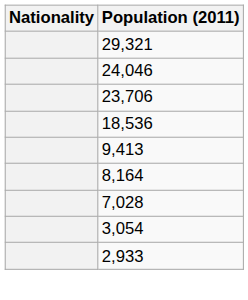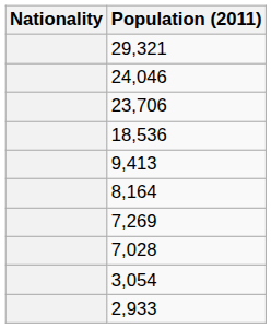 <table class="wikitable" style="float:right;">
 <tr>
 <th scope="column">Nationality</th>
 <th scope="column">Population (2011)</th>
 </tr>
 <tr>
 <th scope="row"></th>
 <td>29,321</td>
 </tr>
 <tr>
 <th scope="row"></th>
 <td>24,046</td>
 </tr>
 <tr>
 <th scope="row"></th>
 <td>23,706</td>
 </tr>
 <tr>
 <th scope="row"></th>
 <td>18,536</td>
 </tr>
 <tr>
 <th scope="row"></th>
 <td>9,413</td>
 </tr>
 <tr>
 <th scope="row"></th>
 <td>8,164</td>
 </tr>
 <tr>
 <th scope="row"></th>
+<td>7,269</td>
+</tr>
+<tr>
+<th scope="row"></th>
 <td>7,028</td>
 </tr>
 <tr>
 <th scope="row"></th>
 <td>3,054</td>
 </tr>
 <tr>
 <th scope="row"></th>
 <td>2,933</td>
 </tr>
 </table>
